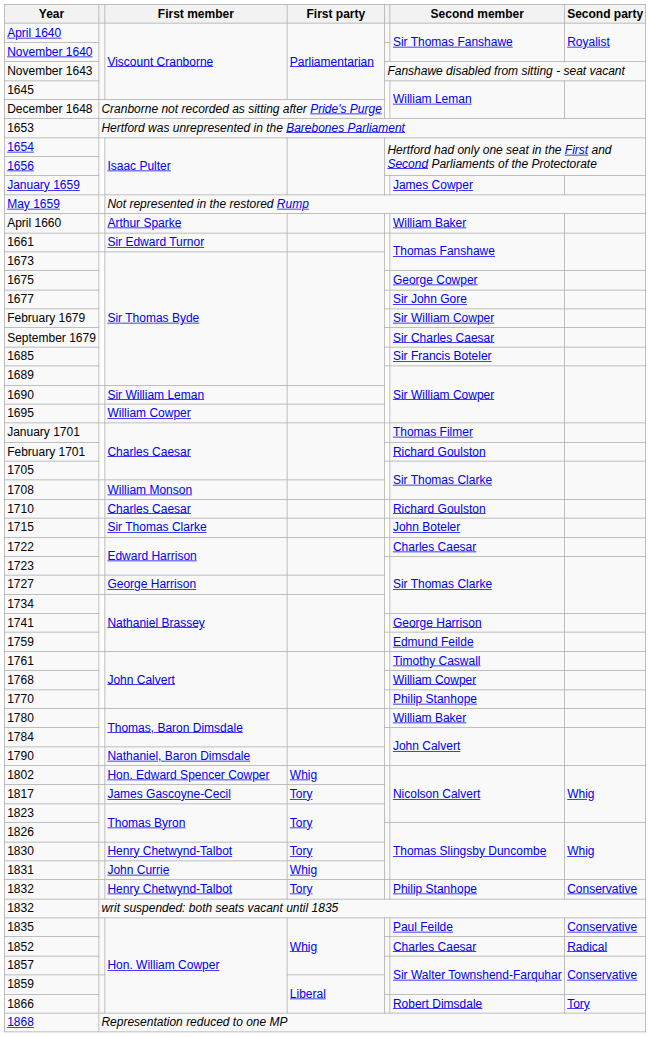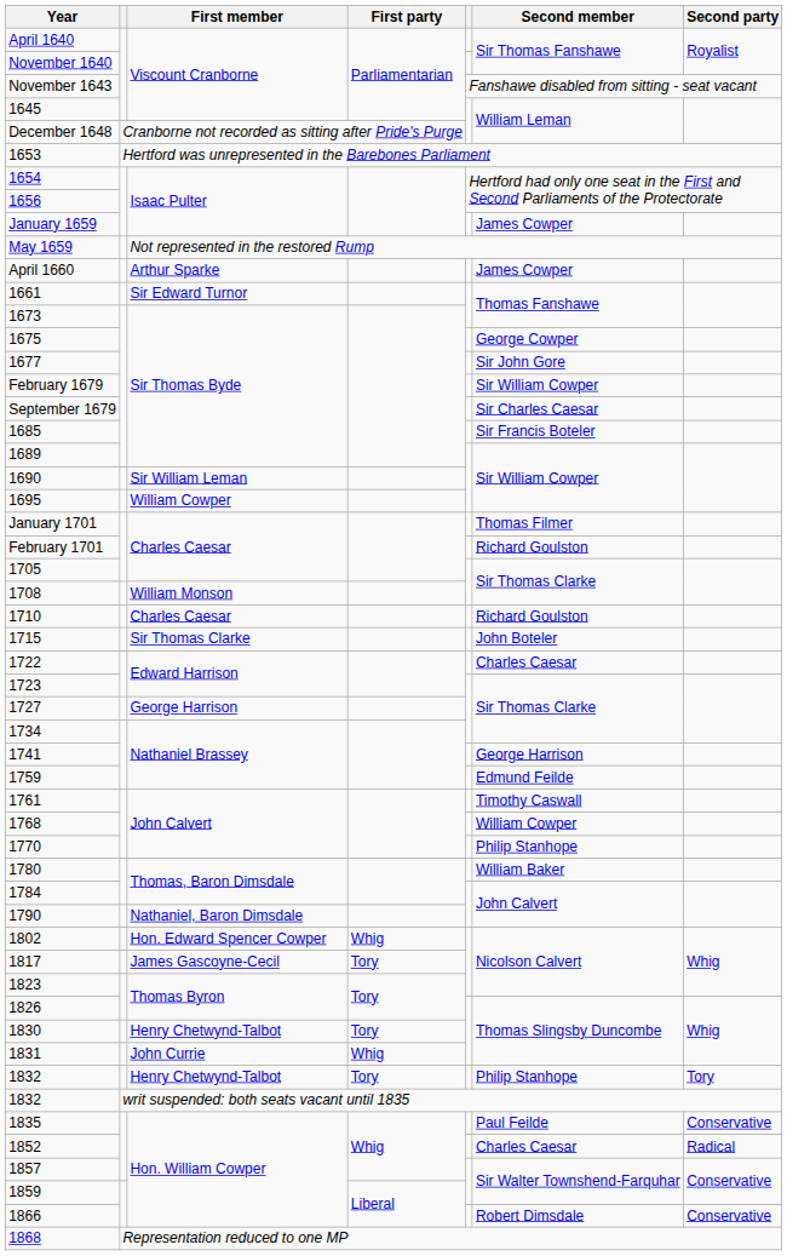 <table class="wikitable">
 <tr>
 <th>Year</th>
 <th></th>
 <th>First member</th>
 <th>First party</th>
 <th></th>
 <th>Second member</th>
 <th>Second party</th>
 </tr>
 <tr>
 <td><a href='#'>April 1640</a></td>
 <td rowspan="4" style="color:inherit;background-color: "></td>
 <td rowspan="4"><a href='#'>Viscount Cranborne</a></td>
 <td rowspan="4"><a href='#'>Parliamentarian</a></td>
 <td rowapan="2" style="color:inherit;background-color: "></td>
 <td rowspan="2"><a href='#'>Sir Thomas Fanshawe</a></td>
 <td rowspan="2"><a href='#'>Royalist</a></td>
 </tr>
 <tr>
 <td><a href='#'>November 1640</a></td>
 </tr>
 <tr>
 <td>November 1643</td>
 <td colspan="3"><em>Fanshawe disabled from sitting - seat vacant</em></td>
 </tr>
 <tr>
 <td>1645</td>
 <td rowspan="2" style="color:inherit;background-color: white"></td>
 <td rowspan="2"><a href='#'>William Leman</a></td>
 <td rowspan="2"></td>
 </tr>
 <tr>
 <td>December 1648</td>
 <td colspan="3"><em>Cranborne not recorded as sitting after <a href='#'>Pride's Purge</a></em></td>
 </tr>
 <tr>
 <td>1653</td>
 <td colspan="6"><em>Hertford was unrepresented in the <a href='#'>Barebones Parliament</a></em></td>
 </tr>
 <tr>
 <td><a href='#'>1654</a></td>
 <td rowspan="3" style="color:inherit;background-color: white"></td>
 <td rowspan="3"><a href='#'>Isaac Pulter</a></td>
 <td rowspan="3"></td>
 <td rowspan="2" colspan="3"><em>Hertford had only one seat in the <a href='#'>First</a>  and <br><a href='#'>Second</a> Parliaments of the Protectorate</em></td>
 </tr>
 <tr>
 <td><a href='#'>1656</a></td>
 </tr>
 <tr>
 <td><a href='#'>January 1659</a></td>
 <td style="color:inherit;background-color: white"></td>
 <td><a href='#'>James Cowper</a></td>
 <td></td>
 </tr>
 <tr>
 <td><a href='#'>May 1659</a></td>
 <td style="color:inherit;background-color: white"></td>
 <td colspan="6"><em>Not represented in the restored <a href='#'>Rump</a></em></td>
 </tr>
 <tr>
 <td>April 1660</td>
 <td style="color:inherit;background-color: white"></td>
 <td><a href='#'>Arthur Sparke</a></td>
 <td></td>
 <td style="color:inherit;background-color: white"></td>
-<td><a href='#'>William Baker</a></td>
+<td><a href='#'>James Cowper</a></td>
 <td></td>
 </tr>
 <tr>
 <td>1661</td>
 <td style="color:inherit;background-color: white"></td>
 <td><a href='#'>Sir Edward Turnor</a></td>
 <td></td>
 <td rowspan="2" style="color:inherit;background-color: white"></td>
 <td rowspan="2"><a href='#'>Thomas Fanshawe</a></td>
 <td rowspan="2"></td>
 </tr>
 <tr>
 <td>1673</td>
 <td rowspan="7" style="color:inherit;background-color: white"></td>
 <td rowspan="7"><a href='#'>Sir Thomas Byde</a></td>
 <td rowspan="7"></td>
 </tr>
 <tr>
 <td>1675</td>
 <td style="color:inherit;background-color: white"></td>
 <td><a href='#'>George Cowper</a></td>
 <td></td>
 </tr>
 <tr>
 <td>1677</td>
 <td style="color:inherit;background-color: white"></td>
 <td><a href='#'>Sir John Gore</a></td>
 <td></td>
 </tr>
 <tr>
 <td>February 1679</td>
 <td style="color:inherit;background-color: white"></td>
 <td><a href='#'>Sir William Cowper</a></td>
 <td></td>
 </tr>
 <tr>
 <td>September 1679</td>
 <td style="color:inherit;background-color: white"></td>
 <td><a href='#'>Sir Charles Caesar</a></td>
 <td></td>
 </tr>
 <tr>
 <td>1685</td>
 <td style="color:inherit;background-color: white"></td>
 <td><a href='#'>Sir Francis Boteler</a></td>
 <td></td>
 </tr>
 <tr>
 <td>1689</td>
 <td rowspan="3" style="color:inherit;background-color: white"></td>
 <td rowspan="3"><a href='#'>Sir William Cowper</a></td>
 <td rowspan="3"></td>
 </tr>
 <tr>
 <td>1690</td>
 <td style="color:inherit;background-color: white"></td>
 <td><a href='#'>Sir William Leman</a></td>
 <td></td>
 </tr>
 <tr>
 <td>1695</td>
 <td style="color:inherit;background-color: white"></td>
 <td><a href='#'>William Cowper</a></td>
 <td></td>
 </tr>
 <tr>
 <td>January 1701</td>
 <td rowspan="3" style="color:inherit;background-color: white"></td>
 <td rowspan="3"><a href='#'>Charles Caesar</a></td>
 <td rowspan="3"></td>
 <td style="color:inherit;background-color: white"></td>
 <td><a href='#'>Thomas Filmer</a></td>
 <td></td>
 </tr>
 <tr>
 <td>February 1701</td>
 <td style="color:inherit;background-color: white"></td>
 <td><a href='#'>Richard Goulston</a></td>
 <td></td>
 </tr>
 <tr>
 <td>1705</td>
 <td rowspan="2" style="color:inherit;background-color: white"></td>
 <td rowspan="2"><a href='#'>Sir Thomas Clarke</a></td>
 <td rowspan="2"></td>
 </tr>
 <tr>
 <td>1708</td>
 <td style="color:inherit;background-color: white"></td>
 <td><a href='#'>William Monson</a></td>
 <td></td>
 </tr>
 <tr>
 <td>1710</td>
 <td style="color:inherit;background-color: white"></td>
 <td><a href='#'>Charles Caesar</a></td>
 <td></td>
 <td style="color:inherit;background-color: white"></td>
 <td><a href='#'>Richard Goulston</a></td>
 <td></td>
 </tr>
 <tr>
 <td>1715 </td>
 <td style="color:inherit;background-color: white"></td>
 <td><a href='#'>Sir Thomas Clarke</a></td>
 <td></td>
 <td style="color:inherit;background-color: white"></td>
 <td><a href='#'>John Boteler</a></td>
 <td></td>
 </tr>
 <tr>
 <td>1722</td>
 <td rowspan="2" style="color:inherit;background-color: white"></td>
 <td rowspan="2"><a href='#'>Edward Harrison</a></td>
 <td rowspan="2"></td>
 <td style="color:inherit;background-color: white"></td>
 <td><a href='#'>Charles Caesar</a></td>
 <td></td>
 </tr>
 <tr>
 <td>1723</td>
 <td rowspan="3" style="color:inherit;background-color: white"></td>
 <td rowspan="3"><a href='#'>Sir Thomas Clarke</a></td>
 <td rowspan="3"></td>
 </tr>
 <tr>
 <td>1727</td>
 <td style="color:inherit;background-color: white"></td>
 <td><a href='#'>George Harrison</a></td>
 <td></td>
 </tr>
 <tr>
 <td>1734</td>
 <td rowspan="3" style="color:inherit;background-color: white"></td>
 <td rowspan="3"><a href='#'>Nathaniel Brassey</a></td>
 <td rowspan="3"></td>
 </tr>
 <tr>
 <td>1741</td>
 <td style="color:inherit;background-color: white"></td>
 <td><a href='#'>George Harrison</a></td>
 <td></td>
 </tr>
 <tr>
 <td>1759</td>
 <td style="color:inherit;background-color: white"></td>
 <td><a href='#'>Edmund Feilde</a></td>
 <td></td>
 </tr>
 <tr>
 <td>1761</td>
 <td rowspan="3" style="color:inherit;background-color: white"></td>
 <td rowspan="3"><a href='#'>John Calvert</a></td>
 <td rowspan="3"></td>
 <td style="color:inherit;background-color: white"></td>
 <td><a href='#'>Timothy Caswall</a></td>
 <td></td>
 </tr>
 <tr>
 <td>1768</td>
 <td style="color:inherit;background-color: white"></td>
 <td><a href='#'>William Cowper</a></td>
 <td></td>
 </tr>
 <tr>
 <td>1770</td>
 <td style="color:inherit;background-color: white"></td>
 <td><a href='#'>Philip Stanhope</a></td>
 <td></td>
 </tr>
 <tr>
 <td>1780</td>
 <td rowspan="2" style="color:inherit;background-color: white"></td>
 <td rowspan="2"><a href='#'>Thomas, Baron Dimsdale</a></td>
 <td rowspan="2"></td>
 <td style="color:inherit;background-color: white"></td>
 <td><a href='#'>William Baker</a></td>
 <td></td>
 </tr>
 <tr>
 <td>1784</td>
 <td rowspan="2" style="color:inherit;background-color: white"></td>
 <td rowspan="2"><a href='#'>John Calvert</a></td>
 <td rowspan="2"></td>
 </tr>
 <tr>
 <td>1790</td>
 <td style="color:inherit;background-color: white"></td>
 <td><a href='#'>Nathaniel, Baron Dimsdale</a></td>
 <td></td>
 </tr>
 <tr>
 <td>1802</td>
 <td style="color:inherit;background-color: "></td>
 <td><a href='#'>Hon. Edward Spencer Cowper</a></td>
 <td><a href='#'>Whig</a></td>
 <td rowspan="3" style="color:inherit;background-color: "></td>
 <td rowspan="3"><a href='#'>Nicolson Calvert</a></td>
 <td rowspan="3"><a href='#'>Whig</a></td>
 </tr>
 <tr>
 <td>1817</td>
 <td style="color:inherit;background-color: "></td>
 <td><a href='#'>James Gascoyne-Cecil</a></td>
 <td><a href='#'>Tory</a></td>
 </tr>
 <tr>
 <td>1823</td>
 <td rowspan="2" style="color:inherit;background-color: "></td>
 <td rowspan="2"><a href='#'>Thomas Byron</a></td>
 <td rowspan="2"><a href='#'>Tory</a></td>
 </tr>
 <tr>
 <td>1826</td>
 <td rowspan="3" style="color:inherit;background-color: "></td>
 <td rowspan="3"><a href='#'>Thomas Slingsby Duncombe</a></td>
 <td rowspan="3"><a href='#'>Whig</a></td>
 </tr>
 <tr>
 <td>1830</td>
 <td style="color:inherit;background-color: "></td>
 <td><a href='#'>Henry Chetwynd-Talbot</a></td>
 <td><a href='#'>Tory</a></td>
 </tr>
 <tr>
 <td>1831</td>
 <td style="color:inherit;background-color: "></td>
 <td><a href='#'>John Currie</a></td>
 <td><a href='#'>Whig</a></td>
 </tr>
 <tr>
 <td>1832 </td>
 <td style="color:inherit;background-color: "></td>
 <td><a href='#'>Henry Chetwynd-Talbot</a></td>
 <td><a href='#'>Tory</a></td>
 <td style="color:inherit;background-color: "></td>
 <td><a href='#'>Philip Stanhope</a></td>
-<td><a href='#'>Conservative</a></td>
+<td><a href='#'>Tory</a></td>
 </tr>
 <tr>
 <td>1832</td>
 <td colspan="6"><em>writ suspended: both seats vacant until 1835</em></td>
 </tr>
 <tr>
 <td>1835</td>
 <td rowspan="3" style="color:inherit;background-color: "></td>
 <td rowspan="5"><a href='#'>Hon. William Cowper</a></td>
 <td rowspan="3"><a href='#'>Whig</a></td>
 <td style="color:inherit;background-color: "></td>
 <td><a href='#'>Paul Feilde</a></td>
 <td><a href='#'>Conservative</a></td>
 </tr>
 <tr>
 <td>1852</td>
 <td style="color:inherit;background-color: "></td>
 <td><a href='#'>Charles Caesar</a></td>
 <td><a href='#'>Radical</a></td>
 </tr>
 <tr>
 <td>1857</td>
 <td rowspan="2" style="color:inherit;background-color: "></td>
 <td rowspan="2"><a href='#'>Sir Walter Townshend-Farquhar</a></td>
 <td rowspan="2"><a href='#'>Conservative</a></td>
 </tr>
 <tr>
 <td>1859</td>
 <td rowspan="2" style="color:inherit;background-color: "></td>
 <td rowspan="2"><a href='#'>Liberal</a></td>
 </tr>
 <tr>
 <td>1866</td>
 <td style="color:inherit;background-color: "></td>
 <td><a href='#'>Robert Dimsdale</a></td>
-<td><a href='#'>Tory</a></td>
+<td><a href='#'>Conservative</a></td>
 </tr>
 <tr>
 <td><a href='#'>1868</a></td>
 <td colspan="6"><em>Representation reduced to one MP</em></td>
 </tr>
 </table>
